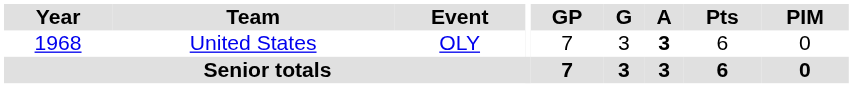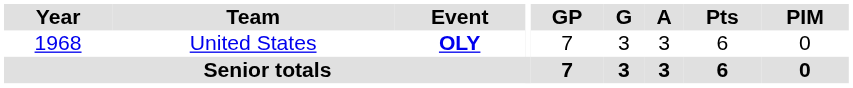 <table border="0" cellpadding="1" cellspacing="0" ID="Table3" style="text-align:center; width:40em">
 <tr bgcolor="#e0e0e0">
 <th>Year</th>
 <th>Team</th>
 <th>Event</th>
 <th rowspan="102" bgcolor="#ffffff"></th>
 <th>GP</th>
 <th>G</th>
 <th>A</th>
 <th>Pts</th>
 <th>PIM</th>
 </tr>
 <tr>
 <td><a href='#'>1968</a></td>
 <td><a href='#'>United States</a></td>
-<td><a href='#'>OLY</a></td>
+<td><strong><a href='#'>OLY</a></strong></td>
 <td>7</td>
 <td>3</td>
-<td><strong>3</strong></td>
+<td>3</td>
 <td>6</td>
 <td>0</td>
 </tr>
 <tr bgcolor="#e0e0e0">
 <th colspan="4">Senior totals</th>
 <th>7</th>
 <th>3</th>
 <th>3</th>
 <th>6</th>
 <th>0</th>
 </tr>
 </table>
